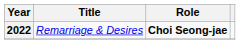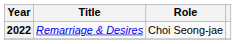 <table class="wikitable  plainrowheaders">
 <tr>
 <th scope="col">Year</th>
 <th scope="col">Title</th>
 <th scope="col">Role</th>
 <th scope="col" class="unsortable"></th>
 </tr>
 <tr>
 <th scope="row">2022</th>
 <td><em><a href='#'>Remarriage & Desires</a></em></td>
-<td><strong>Choi Seong-jae</strong></td>
+<td>Choi Seong-jae</td>
 <td></td>
 </tr>
 <tr>
 </tr>
 </table>
